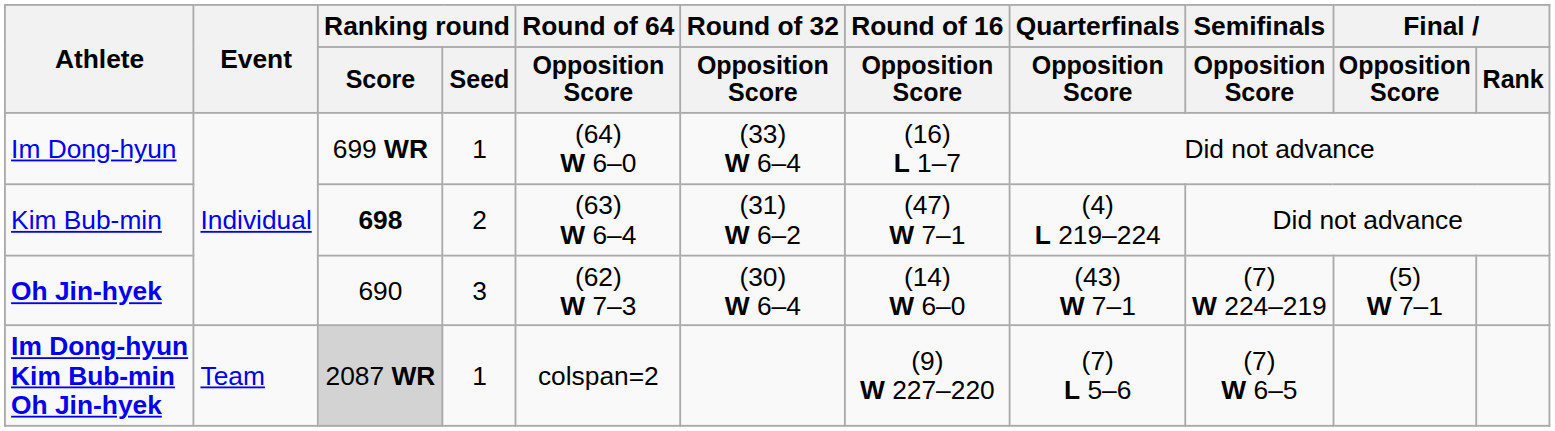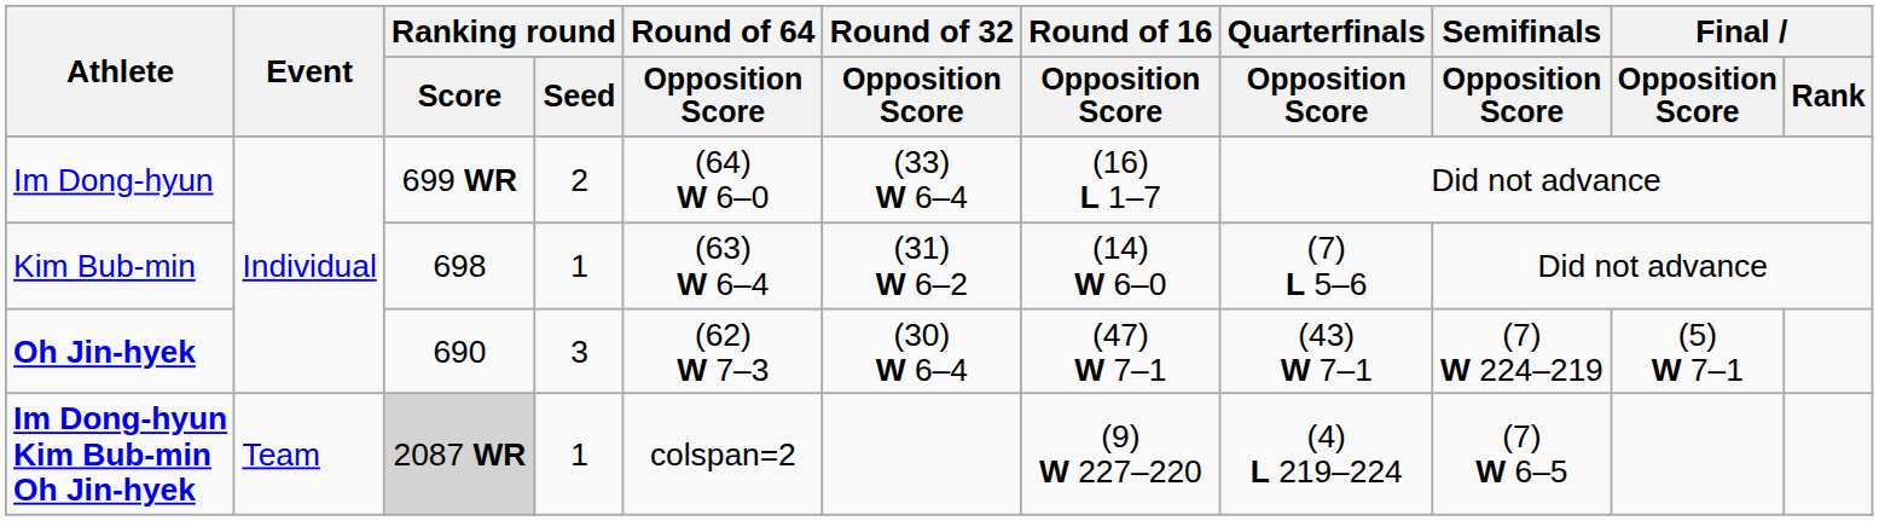 <table class="wikitable" style="font-size:90%">
 <tr>
 <th rowspan=2>Athlete</th>
 <th rowspan=2>Event</th>
 <th colspan="2">Ranking round</th>
 <th>Round of 64</th>
 <th>Round of 32</th>
 <th>Round of 16</th>
 <th>Quarterfinals</th>
 <th>Semifinals</th>
 <th colspan="2">Final / </th>
 </tr>
 <tr style="font-size:95%">
 <th>Score</th>
 <th>Seed</th>
 <th>Opposition<br>Score</th>
 <th>Opposition<br>Score</th>
 <th>Opposition<br>Score</th>
 <th>Opposition<br>Score</th>
 <th>Opposition<br>Score</th>
 <th>Opposition<br>Score</th>
 <th>Rank</th>
 </tr>
 <tr align=center>
 <td align=left><a href='#'>Im Dong-hyun</a></td>
 <td align=left rowspan=3><a href='#'>Individual</a></td>
 <td>699 <strong>WR</strong></td>
-<td>1</td>
+<td>2</td>
 <td> (64)<br><strong>W</strong> 6–0</td>
 <td> (33)<br><strong>W</strong> 6–4</td>
 <td> (16)<br><strong>L</strong> 1–7</td>
 <td colspan=4>Did not advance</td>
 </tr>
 <tr align=center>
 <td align=left><a href='#'>Kim Bub-min</a></td>
-<td><strong>698</strong></td>
-<td>2</td>
+<td>698</td>
+<td>1</td>
 <td> (63)<br><strong>W</strong> 6–4</td>
 <td> (31)<br><strong>W</strong> 6–2</td>
-<td> (47)<br><strong>W</strong> 7–1</td>
-<td> (4)<br><strong>L</strong> 219–224</td>
+<td> (14)<br> <strong>W</strong> 6–0</td>
+<td> (7)<br><strong>L</strong> 5–6</td>
 <td colspan=3>Did not advance</td>
 </tr>
 <tr align=center>
 <td align=left><strong><a href='#'>Oh Jin-hyek</a></strong></td>
 <td>690</td>
 <td>3</td>
 <td> (62)<br><strong>W</strong> 7–3</td>
 <td> (30)<br><strong>W</strong> 6–4</td>
-<td> (14)<br> <strong>W</strong> 6–0</td>
+<td> (47)<br><strong>W</strong> 7–1</td>
 <td> (43)<br> <strong>W</strong> 7–1</td>
 <td> (7)<br><strong>W</strong> 224–219</td>
 <td> (5)<br> <strong>W</strong> 7–1</td>
 <td></td>
 </tr>
 <tr align=center>
 <td align=left><strong><a href='#'>Im Dong-hyun</a><br><a href='#'>Kim Bub-min</a><br><a href='#'>Oh Jin-hyek</a></strong></td>
 <td align=left><a href='#'>Team</a></td>
 <td style="background: lightgrey;">2087 <strong>WR</strong></td>
 <td>1</td>
 <td>colspan=2 </td>
 <td></td>
 <td> (9)<br><strong>W</strong> 227–220</td>
-<td> (7)<br><strong>L</strong> 5–6</td>
+<td> (4)<br><strong>L</strong> 219–224</td>
 <td> (7)<br> <strong>W</strong> 6–5</td>
 <td align=center></td>
 </tr>
 </table>
